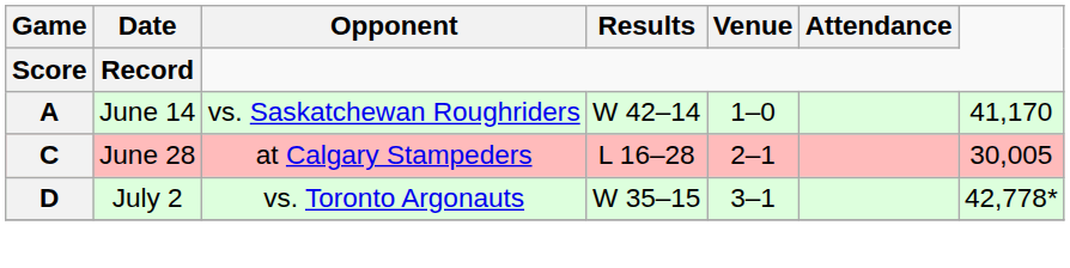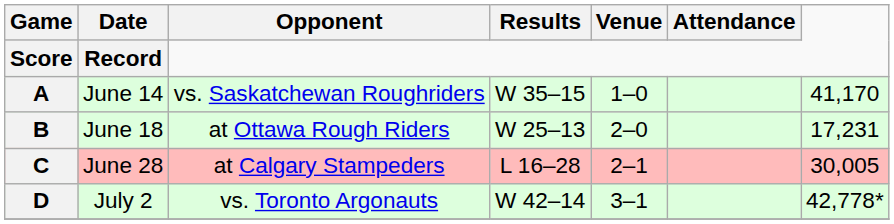 <table class="wikitable" style="text-align:center">
 <tr>
 <th>Game</th>
 <th>Date</th>
 <th>Opponent</th>
 <th>Results</th>
 <th>Venue</th>
 <th>Attendance</th>
 </tr>
 <tr>
 <th>Score</th>
 <th>Record</th>
 </tr>
 <tr style="background:#ddffdd">
 <th>A</th>
 <td>June 14</td>
 <td>vs. <a href='#'>Saskatchewan Roughriders</a></td>
-<td>W 42–14</td>
+<td>W 35–15</td>
 <td>1–0</td>
 <td></td>
 <td>41,170</td>
+</tr>
+<tr style="background:#ddffdd">
+<th>B</th>
+<td>June 18</td>
+<td>at <a href='#'>Ottawa Rough Riders</a></td>
+<td>W 25–13</td>
+<td>2–0</td>
+<td></td>
+<td>17,231</td>
 </tr>
 <tr style="background:#ffbbbb">
 <th>C</th>
 <td>June 28</td>
 <td>at <a href='#'>Calgary Stampeders</a></td>
 <td>L 16–28</td>
 <td>2–1</td>
 <td></td>
 <td>30,005</td>
 </tr>
 <tr style="background:#ddffdd">
 <th>D</th>
 <td>July 2</td>
 <td>vs. <a href='#'>Toronto Argonauts</a></td>
-<td>W 35–15</td>
+<td>W 42–14</td>
 <td>3–1</td>
 <td></td>
 <td>42,778*</td>
 </tr>
 <tr>
 </tr>
 </table>
